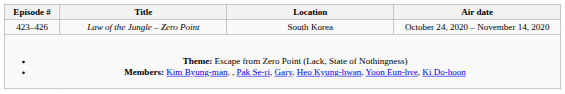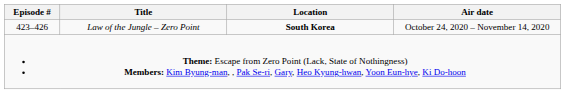 <table class="wikitable" style="text-align:center; font-size:90%; width:100%;">
 <tr>
 <th width="10%">Episode #</th>
 <th width="30%">Title</th>
 <th width="30%">Location</th>
 <th width="30%">Air date</th>
 </tr>
 <tr>
 <td>423–426</td>
 <td><em>Law of the Jungle – Zero Point</em></td>
-<td>South Korea</td>
+<td><strong>South Korea</strong></td>
 <td>October 24, 2020 – November 14, 2020</td>
 </tr>
 <tr>
 <td colspan="4"><br><ul><li><strong>Theme:</strong> Escape from Zero Point (Lack, State of Nothingness)</li><li><strong>Members:</strong> <a href='#'>Kim Byung-man</a>, , <a href='#'>Pak Se-ri</a>, <a href='#'>Gary</a>, <a href='#'>Heo Kyung-hwan</a>, <a href='#'>Yoon Eun-hye</a>, <a href='#'>Ki Do-hoon</a></li></ul></td>
 </tr>
 </table>
